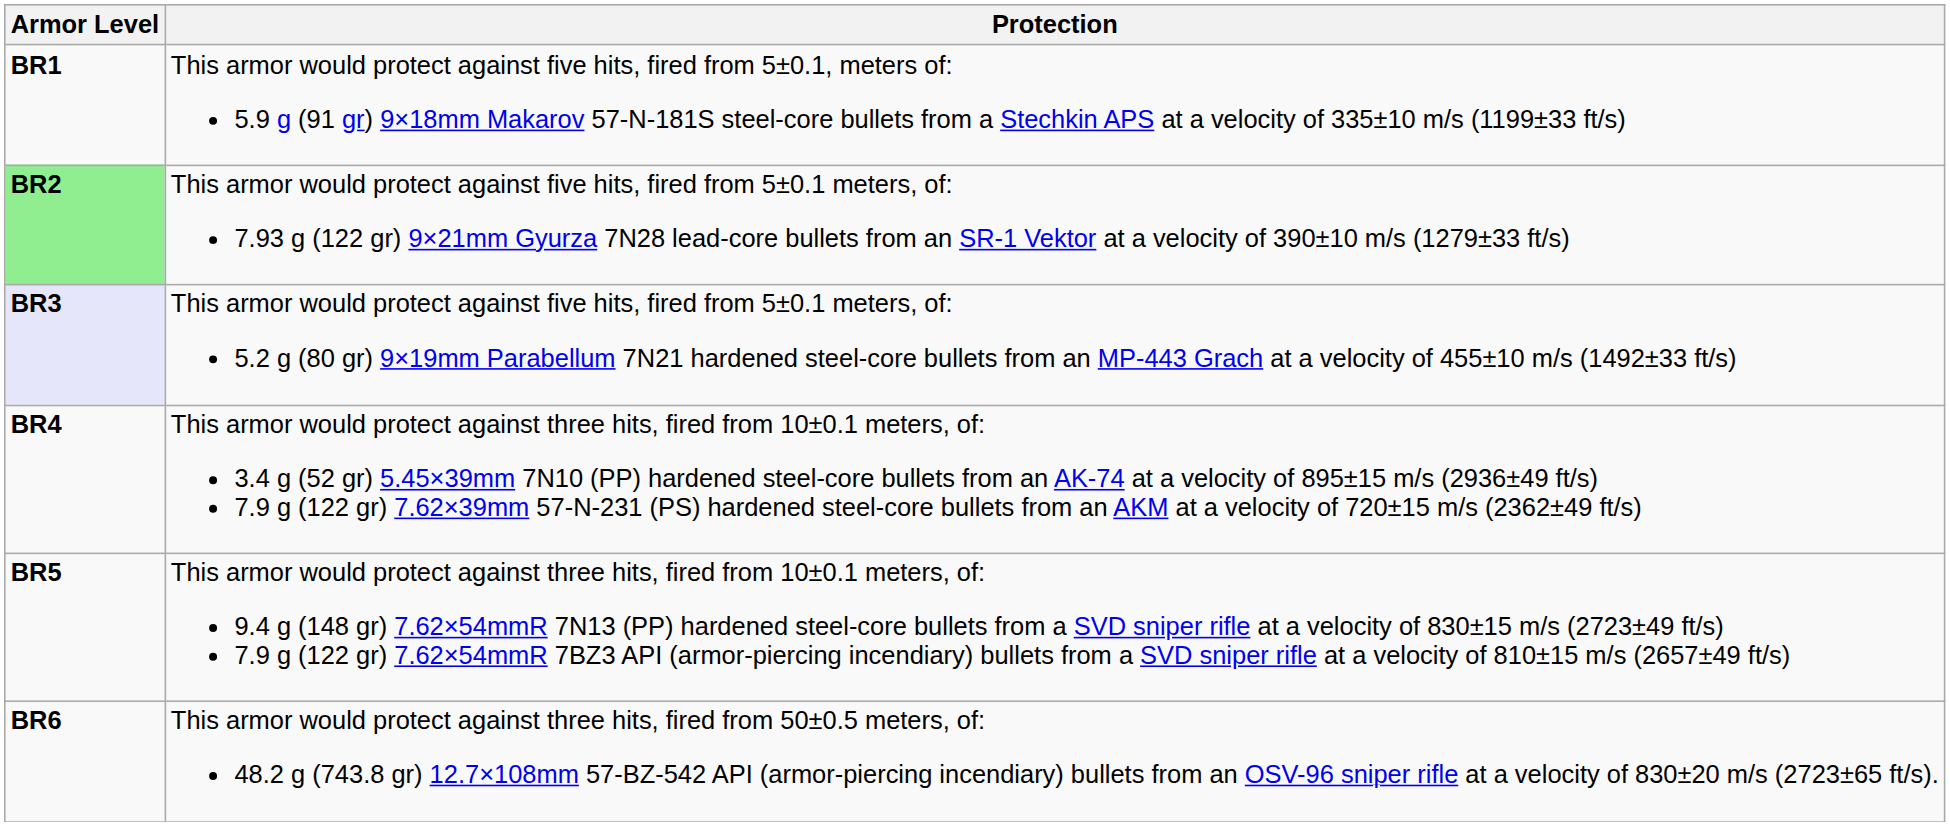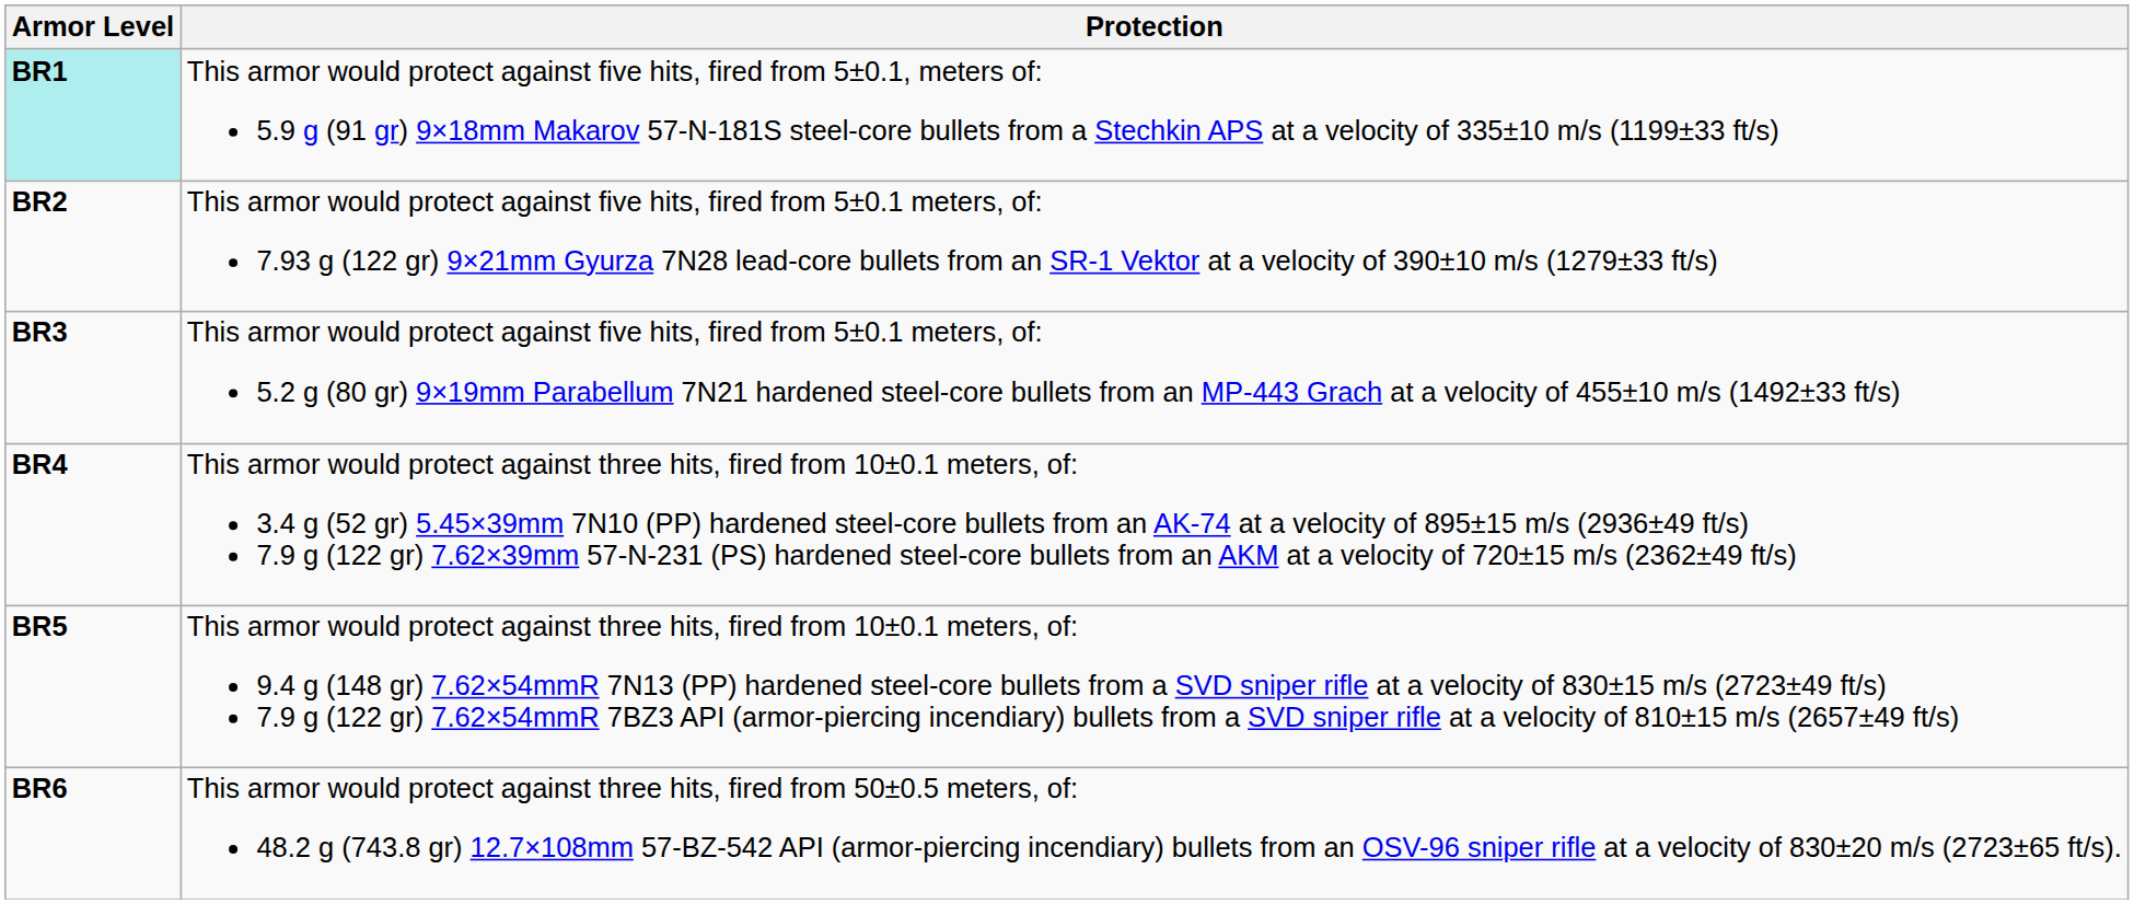 <table class="wikitable">
 <tr>
 <th>Armor Level</th>
 <th>Protection</th>
 </tr>
 <tr style="vertical-align: top;">
-<td><strong>BR1</strong><br></td>
+<td style="background: paleturquoise;"><strong>BR1</strong><br></td>
 <td>This armor would protect against five hits, fired from 5±0.1, meters of:<br><ul><li>5.9 <a href='#'>g</a> (91 <a href='#'>gr</a>) <a href='#'>9×18mm Makarov</a> 57-N-181S steel-core bullets from a <a href='#'>Stechkin APS</a> at a velocity of 335±10 m/s (1199±33 ft/s)</li></ul></td>
 </tr>
 <tr style="vertical-align: top;">
-<td style="background: lightgreen;"><strong>BR2</strong><br></td>
+<td><strong>BR2</strong><br></td>
 <td>This armor would protect against five hits, fired from 5±0.1 meters, of:<br><ul><li>7.93 g (122 gr) <a href='#'>9×21mm Gyurza</a> 7N28 lead-core bullets from an <a href='#'>SR-1 Vektor</a> at a velocity of 390±10 m/s (1279±33 ft/s)</li></ul></td>
 </tr>
 <tr style="vertical-align: top;">
-<td style="background: lavender;"><strong>BR3</strong><br></td>
+<td><strong>BR3</strong><br></td>
 <td>This armor would protect against five hits, fired from 5±0.1 meters, of:<br><ul><li>5.2 g (80 gr) <a href='#'>9×19mm Parabellum</a> 7N21 hardened steel-core bullets from an <a href='#'>MP-443 Grach</a> at a velocity of 455±10 m/s (1492±33 ft/s)</li></ul></td>
 </tr>
 <tr style="vertical-align: top;">
 <td><strong>BR4</strong><br></td>
 <td>This armor would protect against three hits, fired from 10±0.1 meters, of:<br><ul><li>3.4 g (52 gr) <a href='#'>5.45×39mm</a> 7N10 (PP) hardened steel-core bullets from an <a href='#'>AK-74</a> at a velocity of 895±15 m/s (2936±49 ft/s)</li><li>7.9 g (122 gr) <a href='#'>7.62×39mm</a> 57-N-231 (PS) hardened steel-core bullets from an <a href='#'>AKM</a> at a velocity of 720±15 m/s (2362±49 ft/s)</li></ul></td>
 </tr>
 <tr style="vertical-align: top;">
 <td><strong>BR5</strong><br></td>
 <td>This armor would protect against three hits, fired from 10±0.1 meters, of:<br><ul><li>9.4 g (148 gr) <a href='#'>7.62×54mmR</a> 7N13 (PP) hardened steel-core bullets from a <a href='#'>SVD sniper rifle</a> at a velocity of 830±15 m/s (2723±49 ft/s)</li><li>7.9 g (122 gr) <a href='#'>7.62×54mmR</a> 7BZ3 API (armor-piercing incendiary) bullets from a <a href='#'>SVD sniper rifle</a> at a velocity of 810±15 m/s (2657±49 ft/s)</li></ul></td>
 </tr>
 <tr style="vertical-align: top;">
 <td><strong>BR6</strong><br></td>
 <td>This armor would protect against three hits, fired from 50±0.5 meters, of:<br><ul><li>48.2 g (743.8 gr) <a href='#'>12.7×108mm</a> 57-BZ-542 API (armor-piercing incendiary) bullets from an <a href='#'>OSV-96 sniper rifle</a> at a velocity of 830±20 m/s (2723±65 ft/s).</li></ul></td>
 </tr>
 </table>
